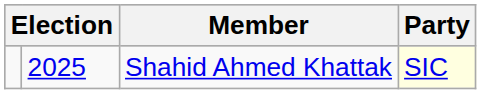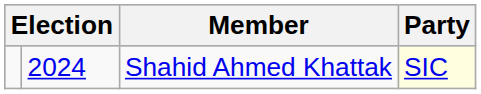 <table class="wikitable">
 <tr>
 <th colspan="2">Election</th>
 <th>Member</th>
 <th>Party</th>
 </tr>
 <tr>
 <td style="background-color: "></td>
-<td><a href='#'>2025</a></td>
+<td><a href='#'>2024</a></td>
 <td><a href='#'>Shahid Ahmed Khattak</a></td>
 <td style="background: lightyellow;"><a href='#'>SIC</a></td>
 </tr>
 </table>
